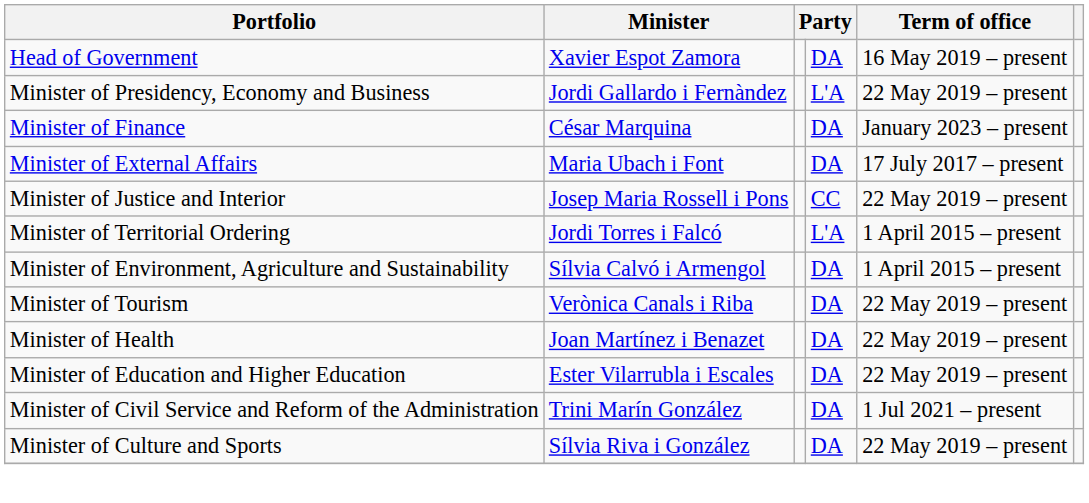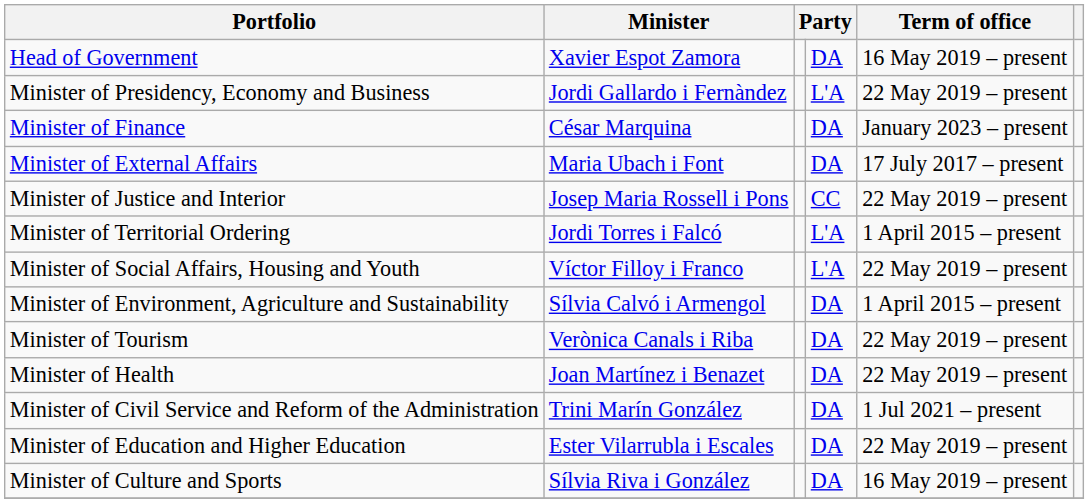 <table class="wikitable">
 <tr>
 <th colspan="1" rowspan="1">Portfolio</th>
 <th colspan="1" rowspan="1">Minister</th>
 <th colspan="2" rowspan="1">Party</th>
 <th colspan="1" rowspan="1">Term of office</th>
 <th></th>
 </tr>
 <tr>
 <td><a href='#'>Head of Government</a></td>
 <td><a href='#'>Xavier Espot Zamora</a></td>
 <td rowspan="1"></td>
 <td><a href='#'>DA</a></td>
 <td>16 May 2019 – present</td>
 <td></td>
 </tr>
 <tr>
 <td>Minister of Presidency, Economy and Business</td>
 <td><a href='#'>Jordi Gallardo i Fernàndez</a></td>
 <td rowspan="1"></td>
 <td><a href='#'>L'A</a></td>
 <td>22 May 2019 – present</td>
 <td></td>
 </tr>
 <tr>
 <td><a href='#'>Minister of Finance</a></td>
 <td><a href='#'>César Marquina</a></td>
 <td rowspan="1"></td>
 <td><a href='#'>DA</a></td>
 <td>January 2023 – present</td>
 <td></td>
 </tr>
 <tr>
 <td><a href='#'>Minister of External Affairs</a></td>
 <td><a href='#'>Maria Ubach i Font</a></td>
 <td rowspan="1"></td>
 <td><a href='#'>DA</a></td>
 <td>17 July 2017 – present</td>
 <td></td>
 </tr>
 <tr>
 <td>Minister of Justice and Interior</td>
 <td><a href='#'>Josep Maria Rossell i Pons</a></td>
 <td rowspan="1"></td>
 <td><a href='#'>CC</a></td>
 <td>22 May 2019 – present</td>
 <td></td>
 </tr>
 <tr>
 <td>Minister of Territorial Ordering</td>
 <td><a href='#'>Jordi Torres i Falcó</a></td>
 <td rowspan="1"></td>
 <td><a href='#'>L'A</a></td>
 <td>1 April 2015 – present</td>
 <td></td>
 </tr>
 <tr>
+<td>Minister of Social Affairs, Housing and Youth</td>
+<td><a href='#'>Víctor Filloy i Franco</a></td>
+<td rowspan="1"></td>
+<td><a href='#'>L'A</a></td>
+<td>22 May 2019 – present</td>
+<td></td>
+</tr>
+<tr>
 <td>Minister of Environment, Agriculture and Sustainability</td>
 <td><a href='#'>Sílvia Calvó i Armengol</a></td>
 <td rowspan="1"></td>
 <td><a href='#'>DA</a></td>
 <td>1 April 2015 – present</td>
 <td></td>
 </tr>
 <tr>
 <td>Minister of Tourism</td>
 <td><a href='#'>Verònica Canals i Riba</a></td>
 <td rowspan="1"></td>
 <td><a href='#'>DA</a></td>
 <td>22 May 2019 – present</td>
 <td></td>
 </tr>
 <tr>
 <td>Minister of Health</td>
 <td><a href='#'>Joan Martínez i Benazet</a></td>
 <td rowspan="1"></td>
 <td><a href='#'>DA</a></td>
 <td>22 May 2019 – present</td>
 <td></td>
 </tr>
 <tr>
+<td>Minister of Civil Service and Reform of the Administration</td>
+<td><a href='#'>Trini Marín González</a></td>
+<td rowspan="1"></td>
+<td><a href='#'>DA</a></td>
+<td>1 Jul 2021 – present</td>
+<td></td>
+</tr>
+<tr>
 <td>Minister of Education and Higher Education</td>
 <td><a href='#'>Ester Vilarrubla i Escales</a></td>
 <td rowspan="1"></td>
 <td><a href='#'>DA</a></td>
 <td>22 May 2019 – present</td>
 <td></td>
 </tr>
 <tr>
-<td>Minister of Civil Service and Reform of the Administration</td>
-<td><a href='#'>Trini Marín González</a></td>
-<td rowspan="1"></td>
-<td><a href='#'>DA</a></td>
-<td>1 Jul 2021 – present</td>
-<td></td>
-</tr>
-<tr>
 <td>Minister of Culture and Sports</td>
 <td><a href='#'>Sílvia Riva i González</a></td>
 <td rowspan="1"></td>
 <td><a href='#'>DA</a></td>
-<td>22 May 2019 – present</td>
+<td>16 May 2019 – present</td>
 <td></td>
 </tr>
 <tr>
 </tr>
 </table>
